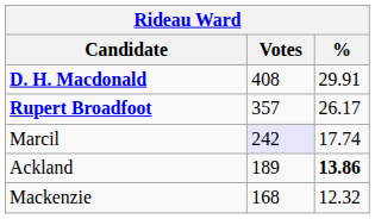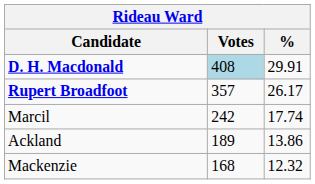 <table class="wikitable">
 <tr>
 <th colspan="3"><a href='#'>Rideau Ward</a></th>
 </tr>
 <tr>
 <th style="width: 200px">Candidate</th>
 <th style="width: 50px">Votes</th>
 <th style="width: 40px">%</th>
 </tr>
 <tr>
 <td><strong><a href='#'>D. H. Macdonald</a></strong></td>
-<td>408</td>
+<td style="background: lightblue;">408</td>
 <td>29.91</td>
 </tr>
 <tr>
 <td><strong><a href='#'>Rupert Broadfoot</a></strong></td>
 <td>357</td>
 <td>26.17</td>
 </tr>
 <tr>
 <td>Marcil</td>
-<td style="background: lavender;">242</td>
+<td>242</td>
 <td>17.74</td>
 </tr>
 <tr>
 <td>Ackland</td>
 <td>189</td>
-<td><strong>13.86</strong></td>
+<td>13.86</td>
 </tr>
 <tr>
 <td>Mackenzie</td>
 <td>168</td>
 <td>12.32</td>
 </tr>
 </table>
